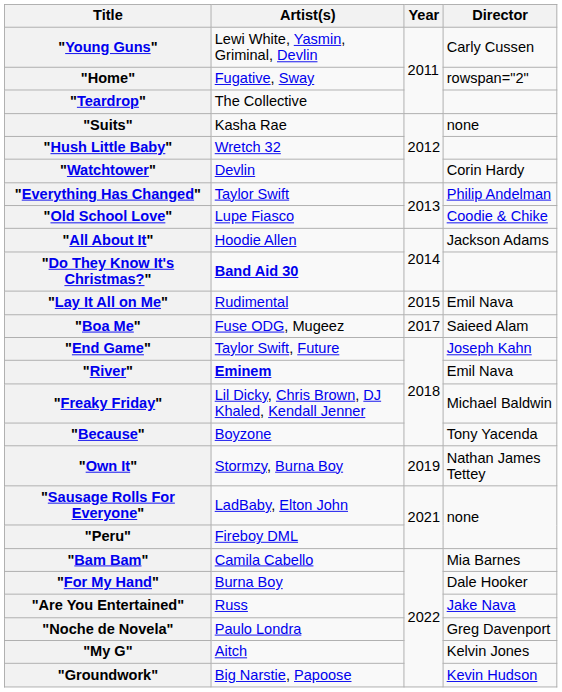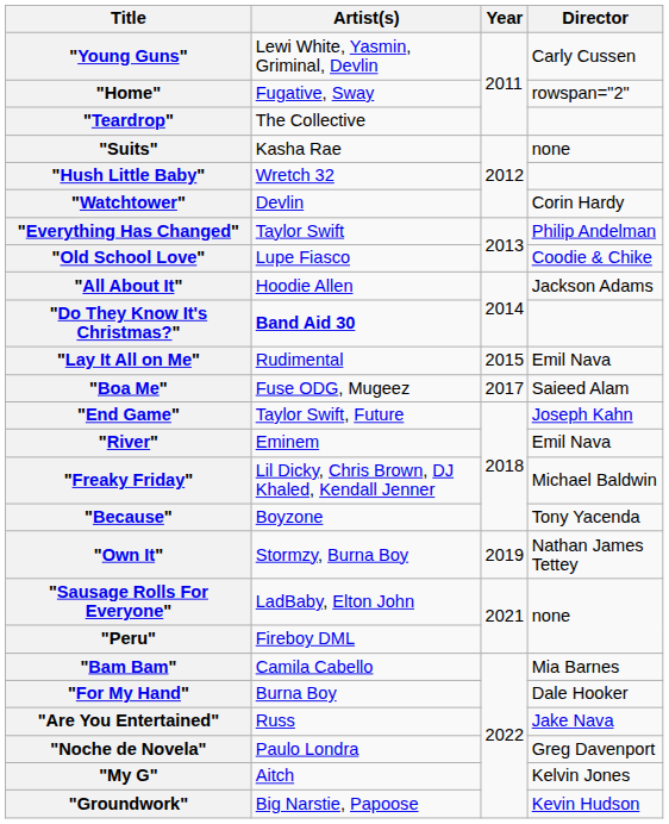 <table class="wikitable plainrowheaders">
 <tr>
 <th width="220" scope="col">Title</th>
 <th scope="col">Artist(s)</th>
 <th scope="col">Year</th>
 <th scope="col">Director</th>
 </tr>
 <tr>
 <th scope="row">"<a href='#'>Young Guns</a>"</th>
 <td>Lewi White, <a href='#'>Yasmin</a>, Griminal, <a href='#'>Devlin</a></td>
 <td rowspan="3">2011</td>
 <td>Carly Cussen</td>
 </tr>
 <tr>
 <th scope="row">"Home"</th>
 <td><a href='#'>Fugative</a>, <a href='#'>Sway</a></td>
 <td>rowspan="2" </td>
 </tr>
 <tr>
 <th scope="row">"<a href='#'>Teardrop</a>"</th>
 <td>The Collective</td>
 </tr>
 <tr>
 <th scope ="row">"Suits"</th>
 <td>Kasha Rae</td>
 <td rowspan="3">2012</td>
 <td>none</td>
 </tr>
 <tr>
 <th scope="row">"<a href='#'>Hush Little Baby</a>"</th>
 <td><a href='#'>Wretch 32</a></td>
 <td></td>
 </tr>
 <tr>
 <th scope="row">"<a href='#'>Watchtower</a>"</th>
 <td><a href='#'>Devlin</a></td>
 <td>Corin Hardy</td>
 </tr>
 <tr>
 <th scope="row">"<a href='#'>Everything Has Changed</a>"</th>
 <td><a href='#'>Taylor Swift</a></td>
 <td rowspan="2">2013</td>
 <td><a href='#'>Philip Andelman</a></td>
 </tr>
 <tr>
 <th scope="row">"<a href='#'>Old School Love</a>"</th>
 <td><a href='#'>Lupe Fiasco</a></td>
 <td><a href='#'>Coodie & Chike</a></td>
 </tr>
 <tr>
 <th scope="row">"<a href='#'>All About It</a>"</th>
 <td><a href='#'>Hoodie Allen</a></td>
 <td rowspan="2">2014</td>
 <td>Jackson Adams</td>
 </tr>
 <tr>
 <th scope="row">"<a href='#'>Do They Know It's Christmas?</a>"</th>
 <td><strong><a href='#'>Band Aid 30</a></strong></td>
 <td></td>
 </tr>
 <tr>
 <th scope="row">"<a href='#'>Lay It All on Me</a>"</th>
 <td><a href='#'>Rudimental</a></td>
 <td>2015</td>
 <td>Emil Nava</td>
 </tr>
 <tr>
 <th scope="row">"<a href='#'>Boa Me</a>"</th>
 <td><a href='#'>Fuse ODG</a>, Mugeez</td>
 <td>2017</td>
 <td>Saieed Alam</td>
 </tr>
 <tr>
 <th scope="row">"<a href='#'>End Game</a>"</th>
 <td><a href='#'>Taylor Swift</a>, <a href='#'>Future</a></td>
 <td rowspan="4">2018</td>
 <td><a href='#'>Joseph Kahn</a></td>
 </tr>
 <tr>
 <th scope="row">"<a href='#'>River</a>"</th>
-<td><strong><a href='#'>Eminem</a></strong></td>
+<td><a href='#'>Eminem</a></td>
 <td>Emil Nava</td>
 </tr>
 <tr>
 <th scope="row">"<a href='#'>Freaky Friday</a>"</th>
 <td><a href='#'>Lil Dicky</a>, <a href='#'>Chris Brown</a>, <a href='#'>DJ Khaled</a>, <a href='#'>Kendall Jenner</a></td>
 <td>Michael Baldwin</td>
 </tr>
 <tr>
 <th scope="row">"<a href='#'>Because</a>"</th>
 <td><a href='#'>Boyzone</a></td>
 <td>Tony Yacenda</td>
 </tr>
 <tr>
 <th scope="row">"<a href='#'>Own It</a>"</th>
 <td><a href='#'>Stormzy</a>, <a href='#'>Burna Boy</a></td>
 <td>2019</td>
 <td>Nathan James Tettey</td>
 </tr>
 <tr>
 <th scope="row">"<a href='#'>Sausage Rolls For Everyone</a>"</th>
 <td><a href='#'>LadBaby</a>, <a href='#'>Elton John</a></td>
 <td rowspan="2">2021</td>
 <td rowspan="2">none</td>
 </tr>
 <tr>
 <th scope="row">"Peru"</th>
 <td><a href='#'>Fireboy DML</a></td>
 </tr>
 <tr>
 <th scope="row">"<a href='#'>Bam Bam</a>"</th>
 <td><a href='#'>Camila Cabello</a></td>
 <td rowspan="6">2022</td>
 <td>Mia Barnes</td>
 </tr>
 <tr>
 <th scope="row">"<a href='#'>For My Hand</a>"</th>
 <td><a href='#'>Burna Boy</a></td>
 <td>Dale Hooker</td>
 </tr>
 <tr>
 <th scope="row">"Are You Entertained"</th>
 <td><a href='#'>Russ</a></td>
 <td><a href='#'>Jake Nava</a></td>
 </tr>
 <tr>
 <th scope="row">"Noche de Novela"</th>
 <td><a href='#'>Paulo Londra</a></td>
 <td>Greg Davenport</td>
 </tr>
 <tr>
 <th scope="row">"My G"</th>
 <td><a href='#'>Aitch</a></td>
 <td>Kelvin Jones</td>
 </tr>
 <tr>
 <th scope="row">"Groundwork"</th>
 <td><a href='#'>Big Narstie</a>, <a href='#'>Papoose</a></td>
 <td><a href='#'>Kevin Hudson</a></td>
 </tr>
 </table>
